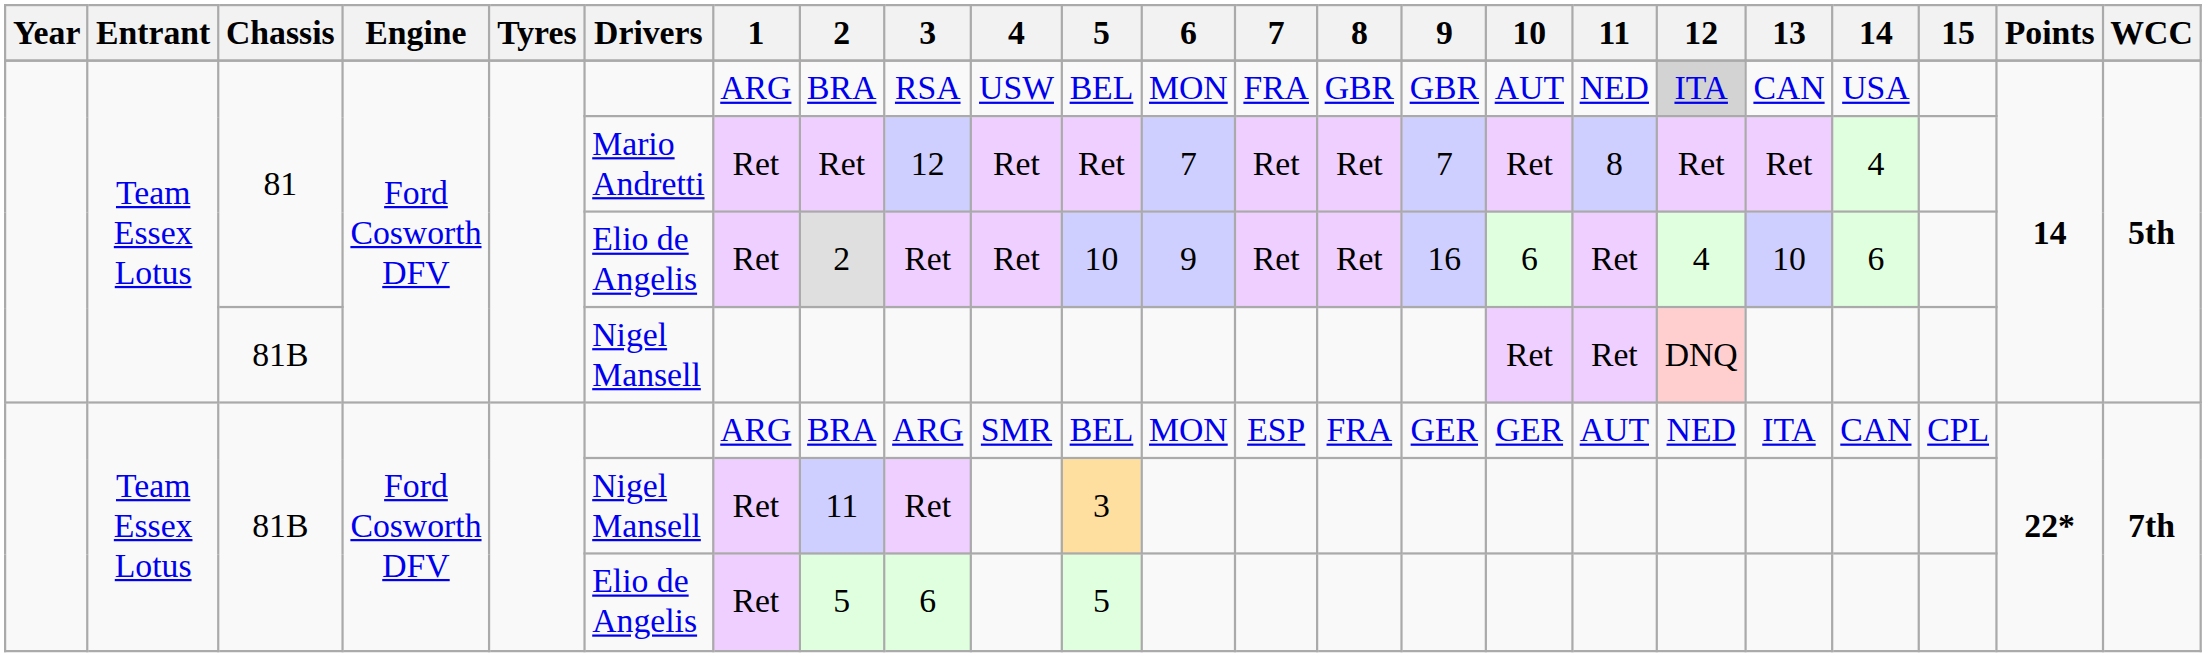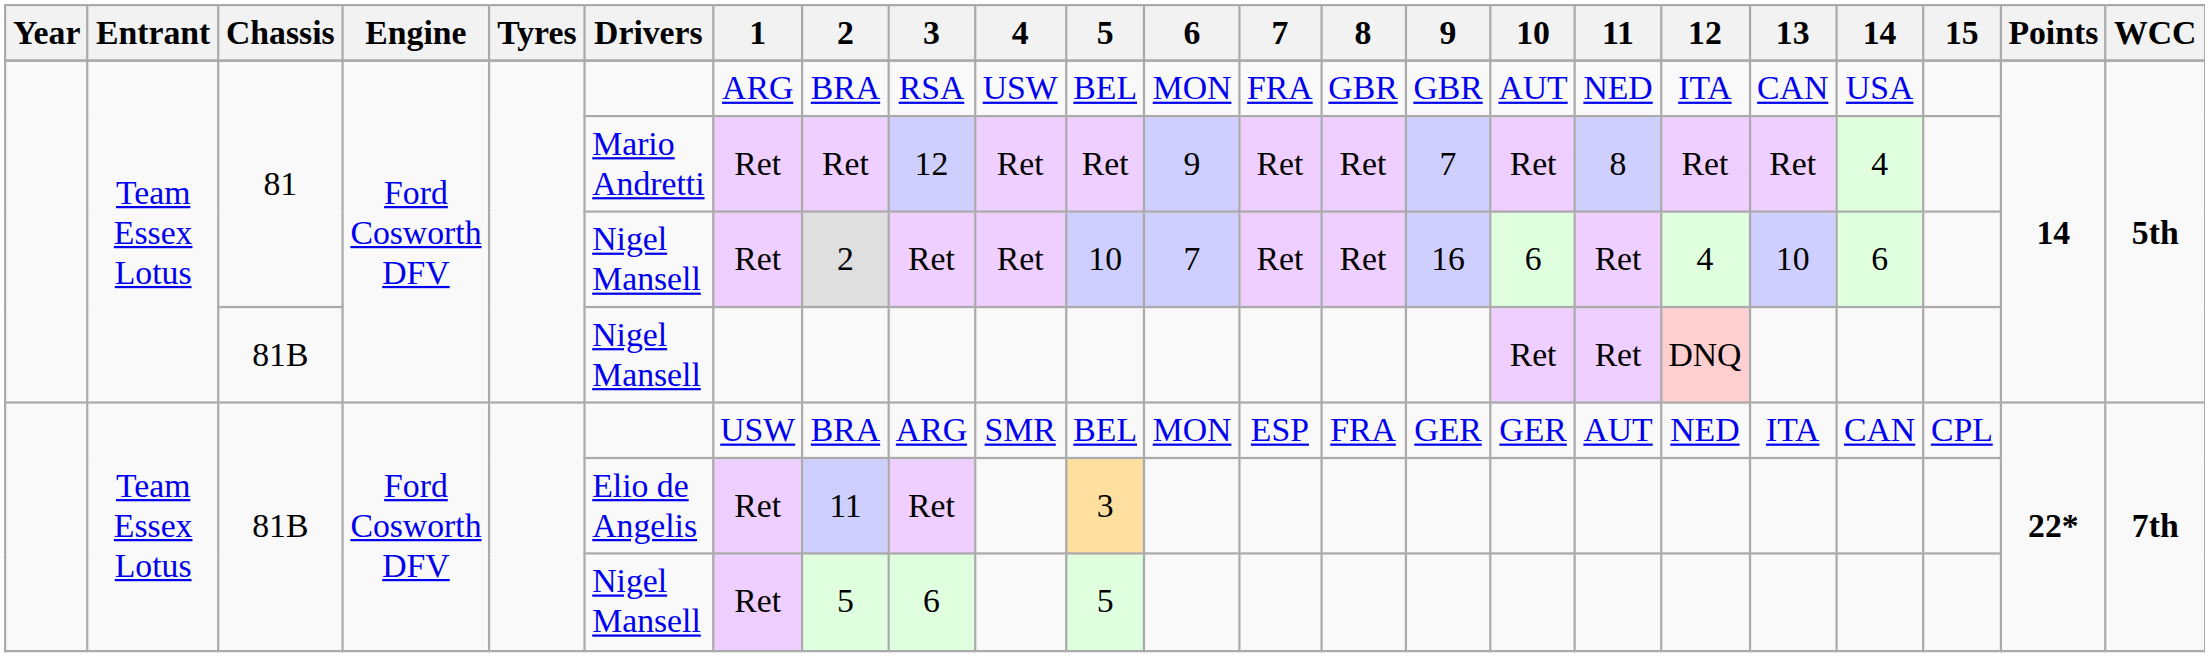 <table class="wikitable" style="text-align:center; font-size:95%">
 <tr>
 <th>Year</th>
 <th>Entrant</th>
 <th>Chassis</th>
 <th>Engine</th>
 <th>Tyres</th>
 <th>Drivers</th>
 <th>1</th>
 <th>2</th>
 <th>3</th>
 <th>4</th>
 <th>5</th>
 <th>6</th>
 <th>7</th>
 <th>8</th>
 <th>9</th>
 <th>10</th>
 <th>11</th>
 <th>12</th>
 <th>13</th>
 <th>14</th>
 <th>15</th>
 <th>Points</th>
 <th>WCC</th>
 </tr>
 <tr>
 </tr>
 <tr>
 <td rowspan="4"></td>
 <td rowspan="4"><a href='#'>Team Essex Lotus</a></td>
 <td rowspan="3">81</td>
 <td rowspan="4"><a href='#'>Ford</a> <a href='#'>Cosworth DFV</a></td>
 <td rowspan="4"></td>
 <td></td>
 <td><a href='#'>ARG</a></td>
 <td><a href='#'>BRA</a></td>
 <td><a href='#'>RSA</a></td>
 <td><a href='#'>USW</a></td>
 <td><a href='#'>BEL</a></td>
 <td><a href='#'>MON</a></td>
 <td><a href='#'>FRA</a></td>
 <td><a href='#'>GBR</a></td>
 <td><a href='#'>GBR</a></td>
 <td><a href='#'>AUT</a></td>
 <td><a href='#'>NED</a></td>
-<td style="background: lightgrey;"><a href='#'>ITA</a></td>
+<td><a href='#'>ITA</a></td>
 <td><a href='#'>CAN</a></td>
 <td><a href='#'>USA</a></td>
 <td></td>
 <td rowspan="4"><strong>14</strong></td>
 <td rowspan="4"><strong>5th</strong></td>
 </tr>
 <tr>
 <td align="left"><a href='#'>Mario Andretti</a></td>
 <td style="background:#EFCFFF;">Ret</td>
 <td style="background:#EFCFFF;">Ret</td>
 <td style="background:#CFCFFF;">12</td>
 <td style="background:#EFCFFF;">Ret</td>
 <td style="background:#EFCFFF;">Ret</td>
-<td style="background:#CFCFFF;">7</td>
+<td style="background:#CFCFFF;">9</td>
 <td style="background:#EFCFFF;">Ret</td>
 <td style="background:#EFCFFF;">Ret</td>
 <td style="background:#CFCFFF;">7</td>
 <td style="background:#EFCFFF;">Ret</td>
 <td style="background:#CFCFFF;">8</td>
 <td style="background:#EFCFFF;">Ret</td>
 <td style="background:#EFCFFF;">Ret</td>
 <td style="background:#DFFFDF;">4</td>
 <td></td>
 </tr>
 <tr>
-<td align="left"><a href='#'>Elio de Angelis</a></td>
+<td align="left"><a href='#'>Nigel Mansell</a></td>
 <td style="background:#EFCFFF;">Ret</td>
 <td style="background:#DFDFDF;">2</td>
 <td style="background:#EFCFFF;">Ret</td>
 <td style="background:#EFCFFF;">Ret</td>
 <td style="background:#CFCFFF;">10</td>
-<td style="background:#CFCFFF;">9</td>
+<td style="background:#CFCFFF;">7</td>
 <td style="background:#EFCFFF;">Ret</td>
 <td style="background:#EFCFFF;">Ret</td>
 <td style="background:#CFCFFF;">16</td>
 <td style="background:#DFFFDF;">6</td>
 <td style="background:#EFCFFF;">Ret</td>
 <td style="background:#DFFFDF;">4</td>
 <td style="background:#CFCFFF;">10</td>
 <td style="background:#DFFFDF;">6</td>
 <td></td>
 </tr>
 <tr>
 <td>81B</td>
 <td align="left"><a href='#'>Nigel Mansell</a></td>
 <td></td>
 <td></td>
 <td></td>
 <td></td>
 <td></td>
 <td></td>
 <td></td>
 <td></td>
 <td></td>
 <td style="background:#EFCFFF;">Ret</td>
 <td style="background:#EFCFFF;">Ret</td>
 <td style="background:#ffcfcf;">DNQ</td>
 <td></td>
 <td></td>
 <td></td>
 </tr>
 <tr>
 <td rowspan="3"></td>
 <td rowspan="3"><a href='#'>Team Essex Lotus</a></td>
 <td rowspan="3">81B</td>
 <td rowspan="3"><a href='#'>Ford</a> <a href='#'>Cosworth DFV</a></td>
 <td rowspan="3"></td>
 <td></td>
-<td><a href='#'>ARG</a></td>
+<td><a href='#'>USW</a></td>
 <td><a href='#'>BRA</a></td>
 <td><a href='#'>ARG</a></td>
 <td><a href='#'>SMR</a></td>
 <td><a href='#'>BEL</a></td>
 <td><a href='#'>MON</a></td>
 <td><a href='#'>ESP</a></td>
 <td><a href='#'>FRA</a></td>
 <td><a href='#'>GER</a></td>
 <td><a href='#'>GER</a></td>
 <td><a href='#'>AUT</a></td>
 <td><a href='#'>NED</a></td>
 <td><a href='#'>ITA</a></td>
 <td><a href='#'>CAN</a></td>
 <td><a href='#'>CPL</a></td>
 <td rowspan="3"><strong>22*</strong></td>
 <td rowspan="3"><strong>7th</strong></td>
 </tr>
 <tr>
-<td align="left"><a href='#'>Nigel Mansell</a></td>
+<td align="left"><a href='#'>Elio de Angelis</a></td>
 <td style="background:#EFCFFF;">Ret</td>
 <td style="background:#cfcfff;">11</td>
 <td style="background:#EFCFFF;">Ret</td>
 <td></td>
 <td style="background:#ffdf9f;">3</td>
 <td></td>
 <td></td>
 <td></td>
 <td></td>
 <td></td>
 <td></td>
 <td></td>
 <td></td>
 <td></td>
 <td></td>
 </tr>
 <tr>
-<td align="left"><a href='#'>Elio de Angelis</a></td>
+<td align="left"><a href='#'>Nigel Mansell</a></td>
 <td style="background:#EFCFFF;">Ret</td>
 <td style="background:#DFFFDF;">5</td>
 <td style="background:#DFFFDF;">6</td>
 <td></td>
 <td style="background:#DFFFDF;">5</td>
 <td></td>
 <td></td>
 <td></td>
 <td></td>
 <td></td>
 <td></td>
 <td></td>
 <td></td>
 <td></td>
 <td></td>
 </tr>
 </table>
